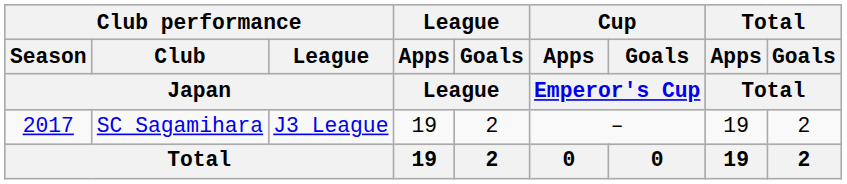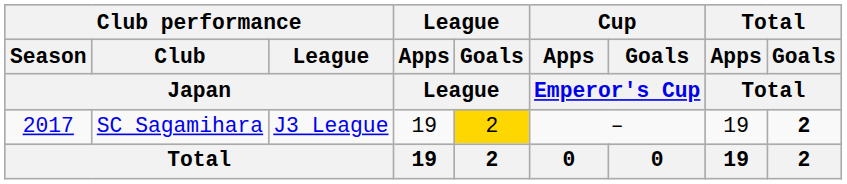 <table class="wikitable" style="text-align:center;">
 <tr>
 <th colspan=3>Club performance</th>
 <th colspan=2>League</th>
 <th colspan=2>Cup</th>
 <th colspan=2>Total</th>
 </tr>
 <tr>
 <th>Season</th>
 <th>Club</th>
 <th>League</th>
 <th>Apps</th>
 <th>Goals</th>
 <th>Apps</th>
 <th>Goals</th>
 <th>Apps</th>
 <th>Goals</th>
 </tr>
 <tr>
 <th colspan=3>Japan</th>
 <th colspan=2>League</th>
 <th colspan=2><a href='#'>Emperor's Cup</a></th>
 <th colspan=2>Total</th>
 </tr>
 <tr>
 <td><a href='#'>2017</a></td>
 <td rowspan="1"><a href='#'>SC Sagamihara</a></td>
 <td rowspan="1"><a href='#'>J3 League</a></td>
 <td>19</td>
-<td>2</td>
+<td style="background: gold;">2</td>
 <td colspan="2">–</td>
 <td>19</td>
-<td>2</td>
+<td><strong>2</strong></td>
 </tr>
 <tr>
 <th colspan=3>Total</th>
 <th>19</th>
 <th>2</th>
 <th>0</th>
 <th>0</th>
 <th>19</th>
 <th>2</th>
 </tr>
 </table>
